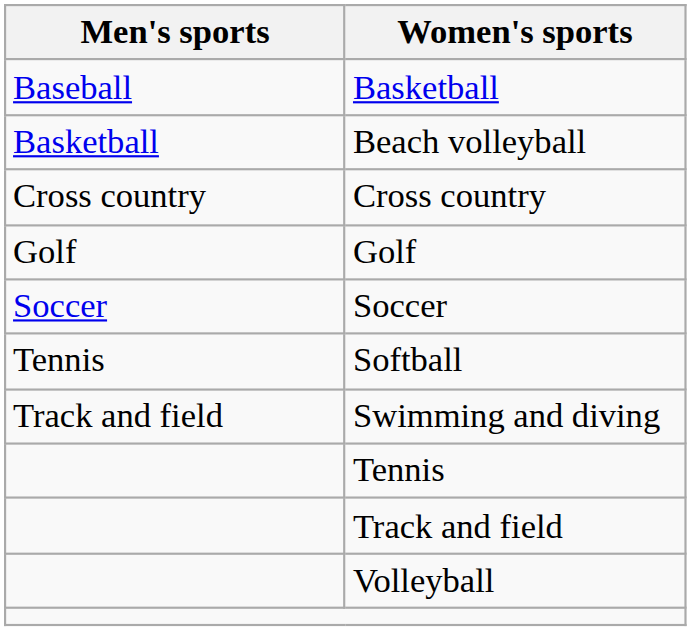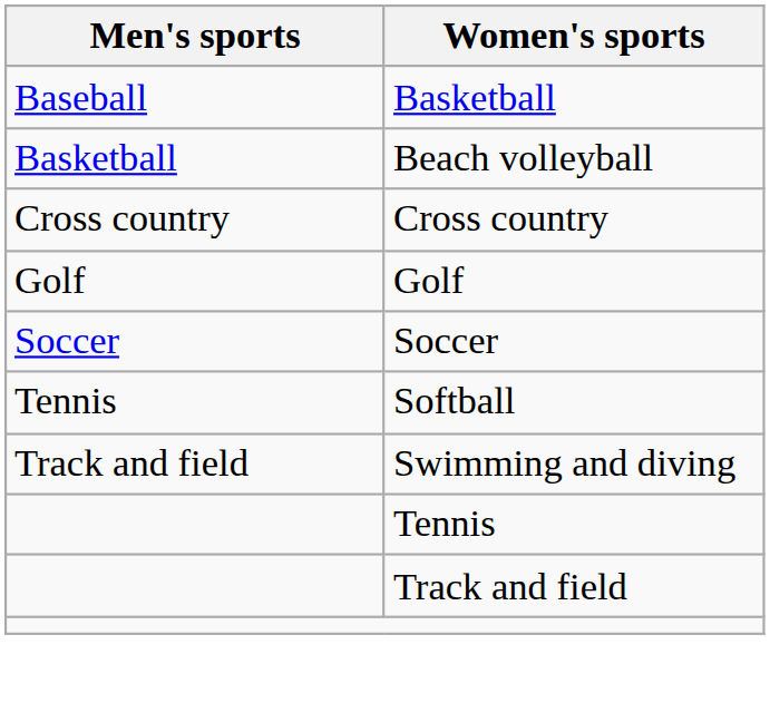 <table class="wikitable" style=" ">
 <tr>
 <th width=150px>Men's sports</th>
 <th width=150px>Women's sports</th>
 </tr>
 <tr>
 <td><a href='#'>Baseball</a></td>
 <td><a href='#'>Basketball</a></td>
 </tr>
 <tr>
 <td><a href='#'>Basketball</a></td>
 <td>Beach volleyball</td>
 </tr>
 <tr>
 <td>Cross country</td>
 <td>Cross country</td>
 </tr>
 <tr>
 <td>Golf</td>
 <td>Golf</td>
 </tr>
 <tr>
 <td><a href='#'>Soccer</a></td>
 <td>Soccer</td>
 </tr>
 <tr>
 <td>Tennis</td>
 <td>Softball</td>
 </tr>
 <tr>
 <td>Track and field</td>
 <td>Swimming and diving</td>
 </tr>
 <tr>
 <td></td>
 <td>Tennis</td>
 </tr>
 <tr>
 <td></td>
 <td>Track and field</td>
 </tr>
 <tr>
-<td></td>
-<td>Volleyball</td>
-</tr>
-<tr>
 <td colspan="2"></td>
 </tr>
 </table>
